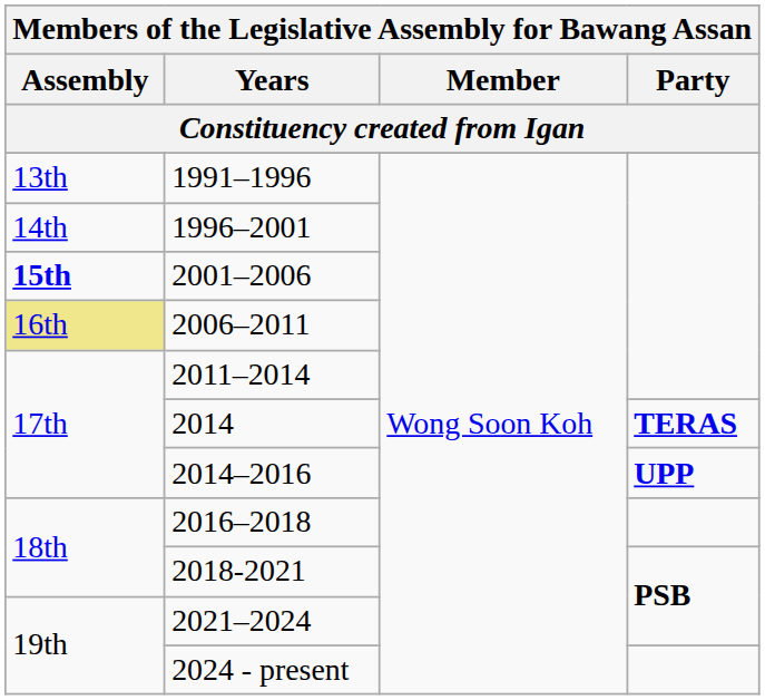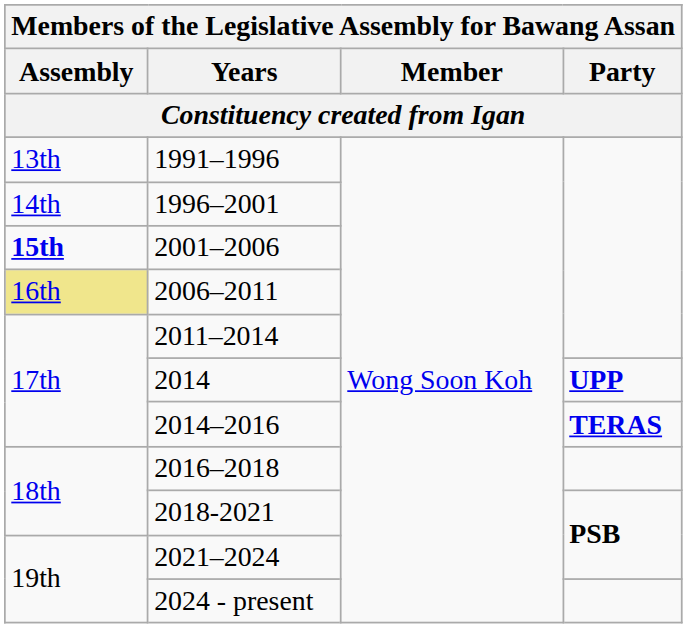 <table class=wikitable>
 <tr>
 <th colspan="4">Members of the Legislative Assembly for Bawang Assan</th>
 </tr>
 <tr>
 <th>Assembly</th>
 <th>Years</th>
 <th>Member</th>
 <th>Party</th>
 </tr>
 <tr>
 <th colspan=4 align=center><em>Constituency created from Igan</em></th>
 </tr>
 <tr>
 <td><a href='#'>13th</a></td>
 <td>1991–1996</td>
 <td rowspan="11"><a href='#'>Wong Soon Koh</a></td>
 <td rowspan=5></td>
 </tr>
 <tr>
 <td><a href='#'>14th</a></td>
 <td>1996–2001</td>
 </tr>
 <tr>
 <td><strong><a href='#'>15th</a></strong></td>
 <td>2001–2006</td>
 </tr>
 <tr>
 <td style="background: khaki;"><a href='#'>16th</a></td>
 <td>2006–2011</td>
 </tr>
 <tr>
 <td rowspan=3><a href='#'>17th</a></td>
 <td>2011–2014</td>
 </tr>
 <tr>
 <td>2014</td>
-<td><strong><a href='#'>TERAS</a></strong></td>
+<td><strong><a href='#'>UPP</a></strong></td>
 </tr>
 <tr>
 <td>2014–2016</td>
-<td><strong><a href='#'>UPP</a></strong></td>
+<td><strong><a href='#'>TERAS</a></strong></td>
 </tr>
 <tr>
 <td rowspan="2"><a href='#'>18th</a></td>
 <td>2016–2018</td>
 <td></td>
 </tr>
 <tr>
 <td>2018-2021</td>
 <td rowspan=2><strong>PSB</strong></td>
 </tr>
 <tr>
 <td rowspan="2">19th</td>
 <td>2021–2024</td>
 </tr>
 <tr>
 <td>2024 - present</td>
 <td></td>
 </tr>
 </table>
